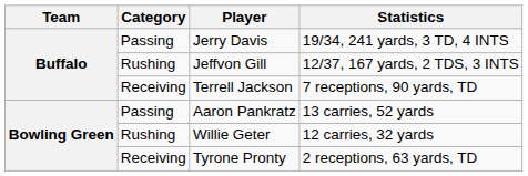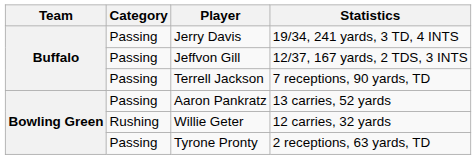 <table class="wikitable" style="float:right">
 <tr>
 <th>Team</th>
 <th>Category</th>
 <th>Player</th>
 <th>Statistics</th>
 </tr>
 <tr>
 <th rowspan=3>Buffalo</th>
 <td>Passing</td>
 <td>Jerry Davis</td>
 <td>19/34, 241 yards, 3 TD, 4 INTS</td>
 </tr>
 <tr>
-<td>Rushing</td>
+<td>Passing</td>
 <td>Jeffvon Gill</td>
 <td>12/37, 167 yards, 2 TDS, 3 INTS</td>
 </tr>
 <tr>
-<td>Receiving</td>
+<td>Passing</td>
 <td>Terrell Jackson</td>
 <td>7 receptions, 90 yards, TD</td>
 </tr>
 <tr>
 <th rowspan=3>Bowling Green</th>
 <td>Passing</td>
 <td>Aaron Pankratz</td>
 <td>13 carries, 52 yards</td>
 </tr>
 <tr>
 <td>Rushing</td>
 <td>Willie Geter</td>
 <td>12 carries, 32 yards</td>
 </tr>
 <tr>
-<td>Receiving</td>
+<td>Passing</td>
 <td>Tyrone Pronty</td>
 <td>2 receptions, 63 yards, TD</td>
 </tr>
 </table>
